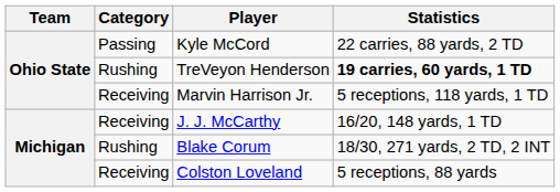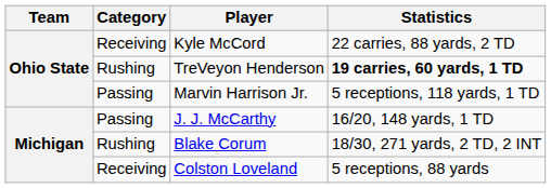 <table class="wikitable" style="float:right">
 <tr>
 <th>Team</th>
 <th>Category</th>
 <th>Player</th>
 <th>Statistics</th>
 </tr>
 <tr>
 <th rowspan=3>Ohio State</th>
-<td>Passing</td>
+<td>Receiving</td>
 <td>Kyle McCord</td>
 <td>22 carries, 88 yards, 2 TD</td>
 </tr>
 <tr>
 <td>Rushing</td>
 <td>TreVeyon Henderson</td>
 <td><strong>19 carries, 60 yards, 1 TD</strong></td>
 </tr>
 <tr>
-<td>Receiving</td>
+<td>Passing</td>
 <td>Marvin Harrison Jr.</td>
 <td>5 receptions, 118 yards, 1 TD</td>
 </tr>
 <tr>
 <th rowspan=3>Michigan</th>
-<td>Receiving</td>
+<td>Passing</td>
 <td><a href='#'>J. J. McCarthy</a></td>
 <td>16/20, 148 yards, 1 TD</td>
 </tr>
 <tr>
 <td>Rushing</td>
 <td><a href='#'>Blake Corum</a></td>
 <td>18/30, 271 yards, 2 TD, 2 INT</td>
 </tr>
 <tr>
 <td>Receiving</td>
 <td><a href='#'>Colston Loveland</a></td>
 <td>5 receptions, 88 yards</td>
 </tr>
 </table>
